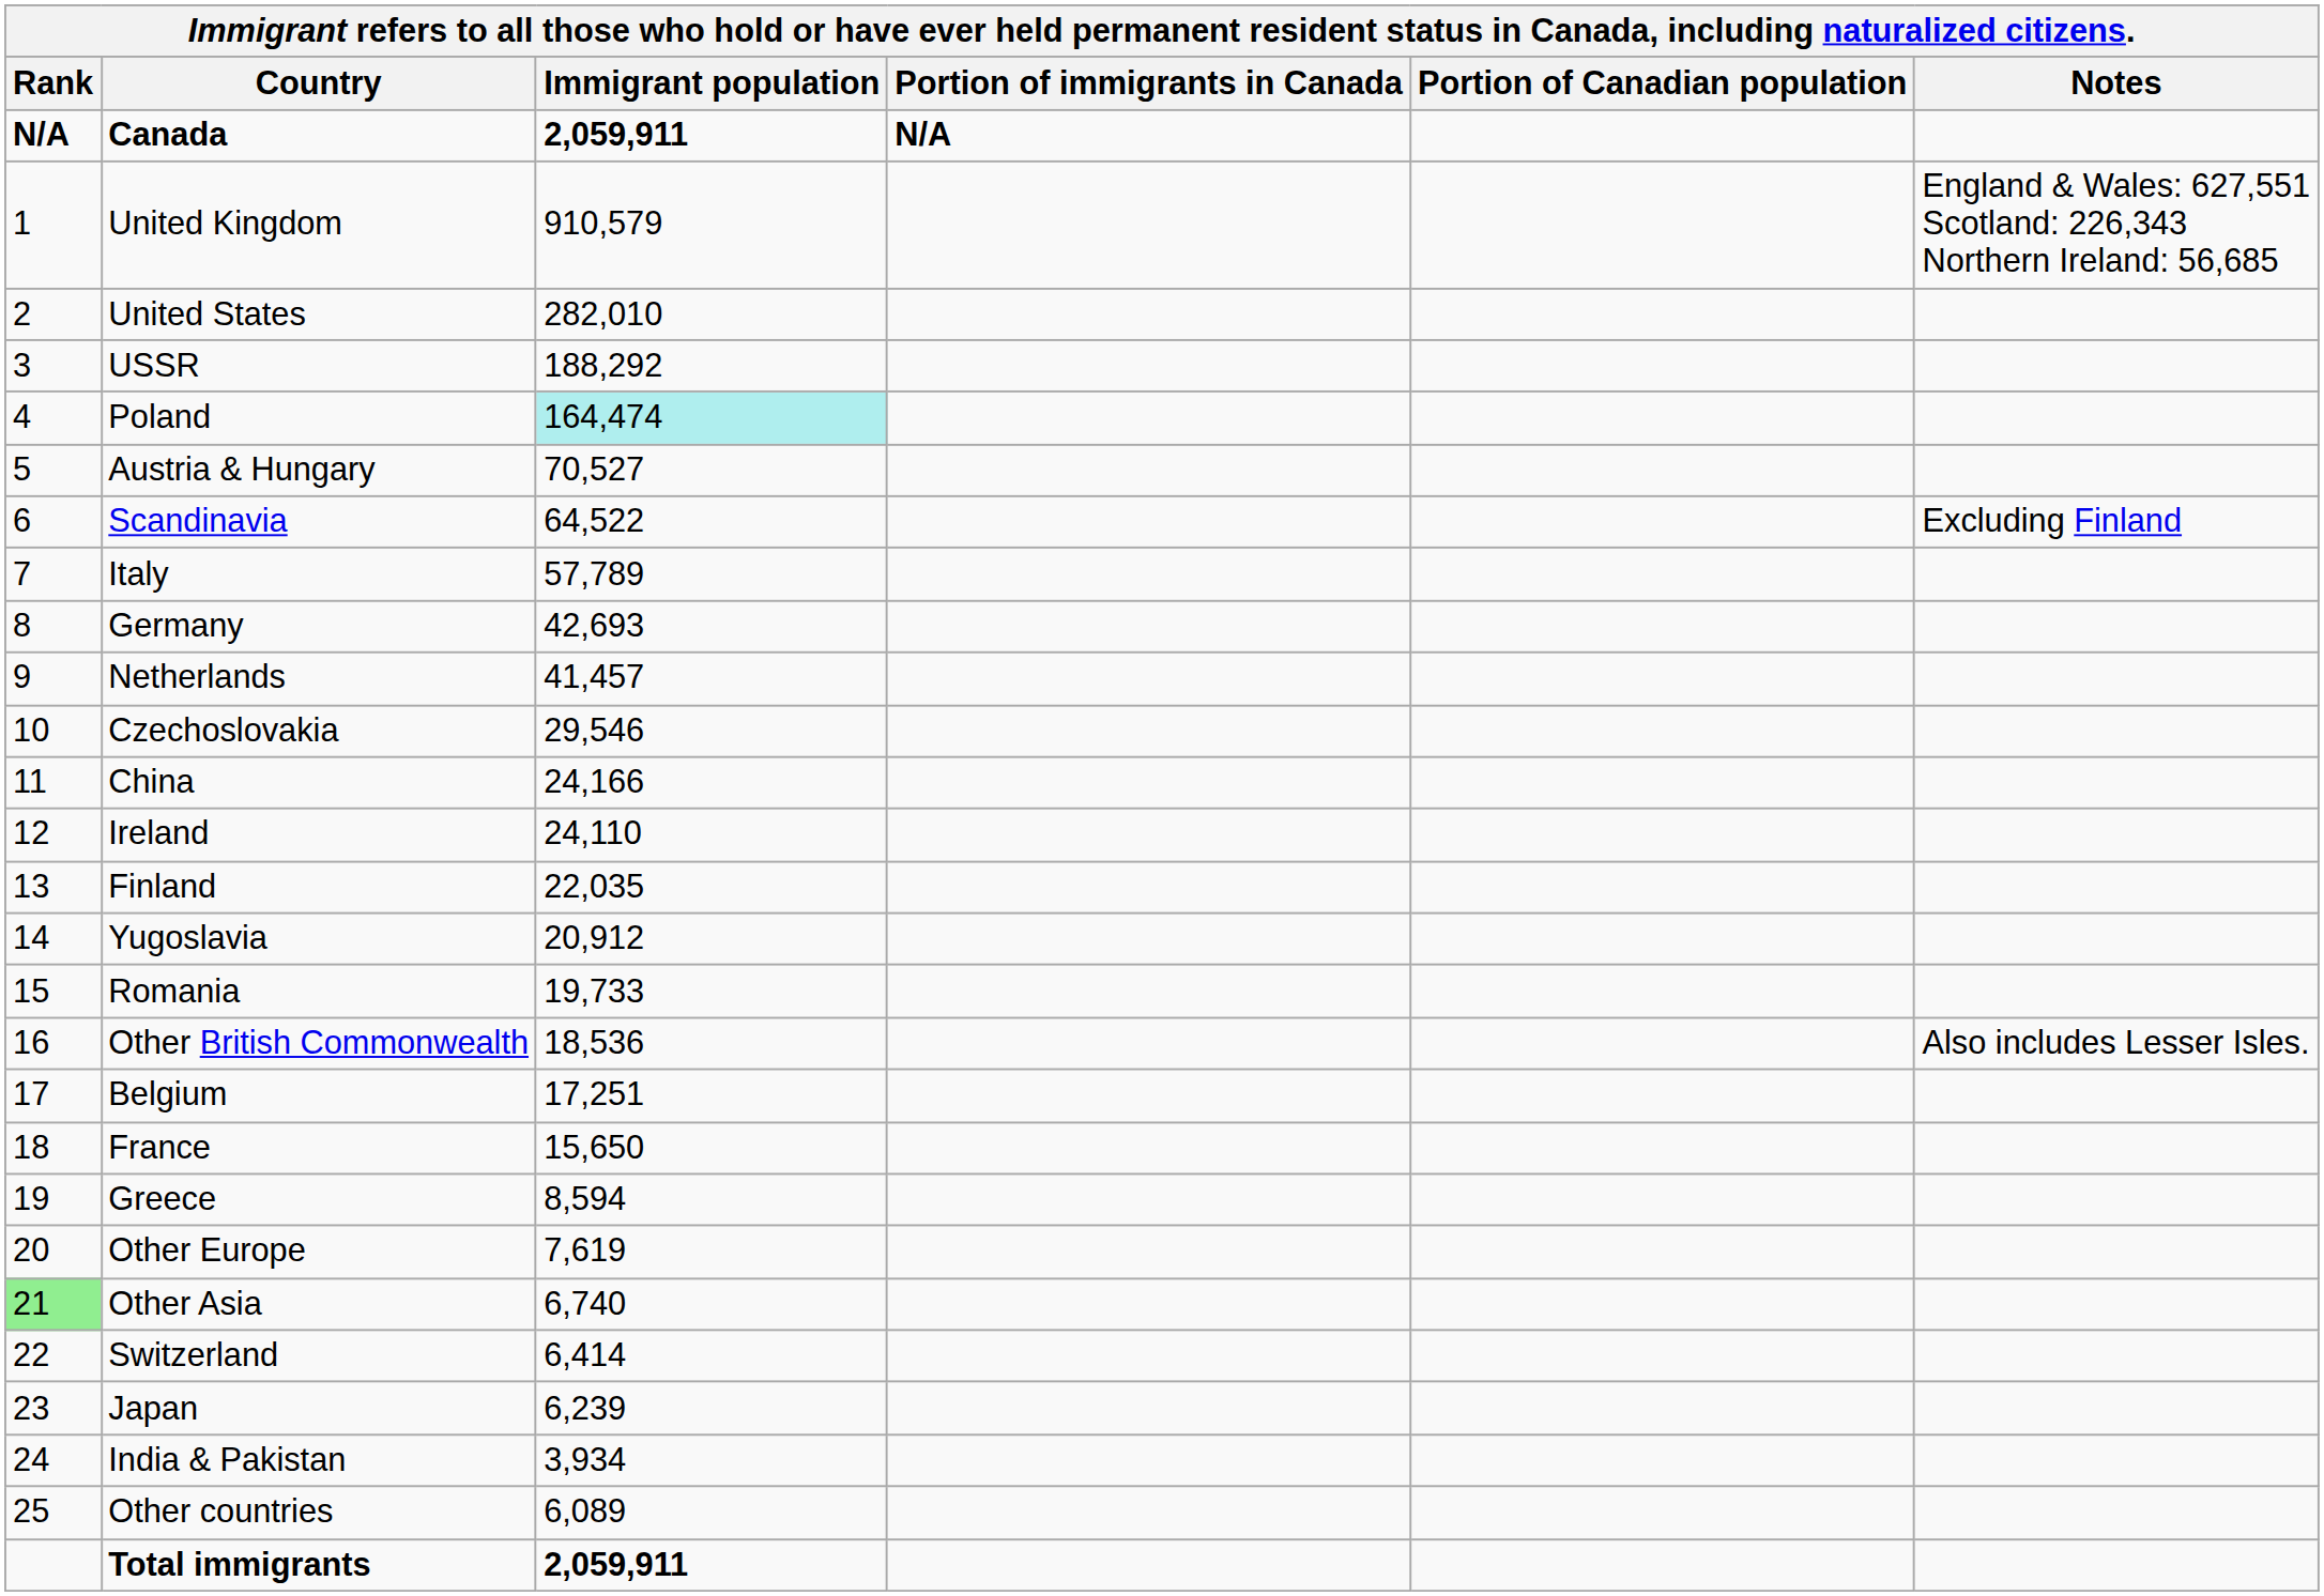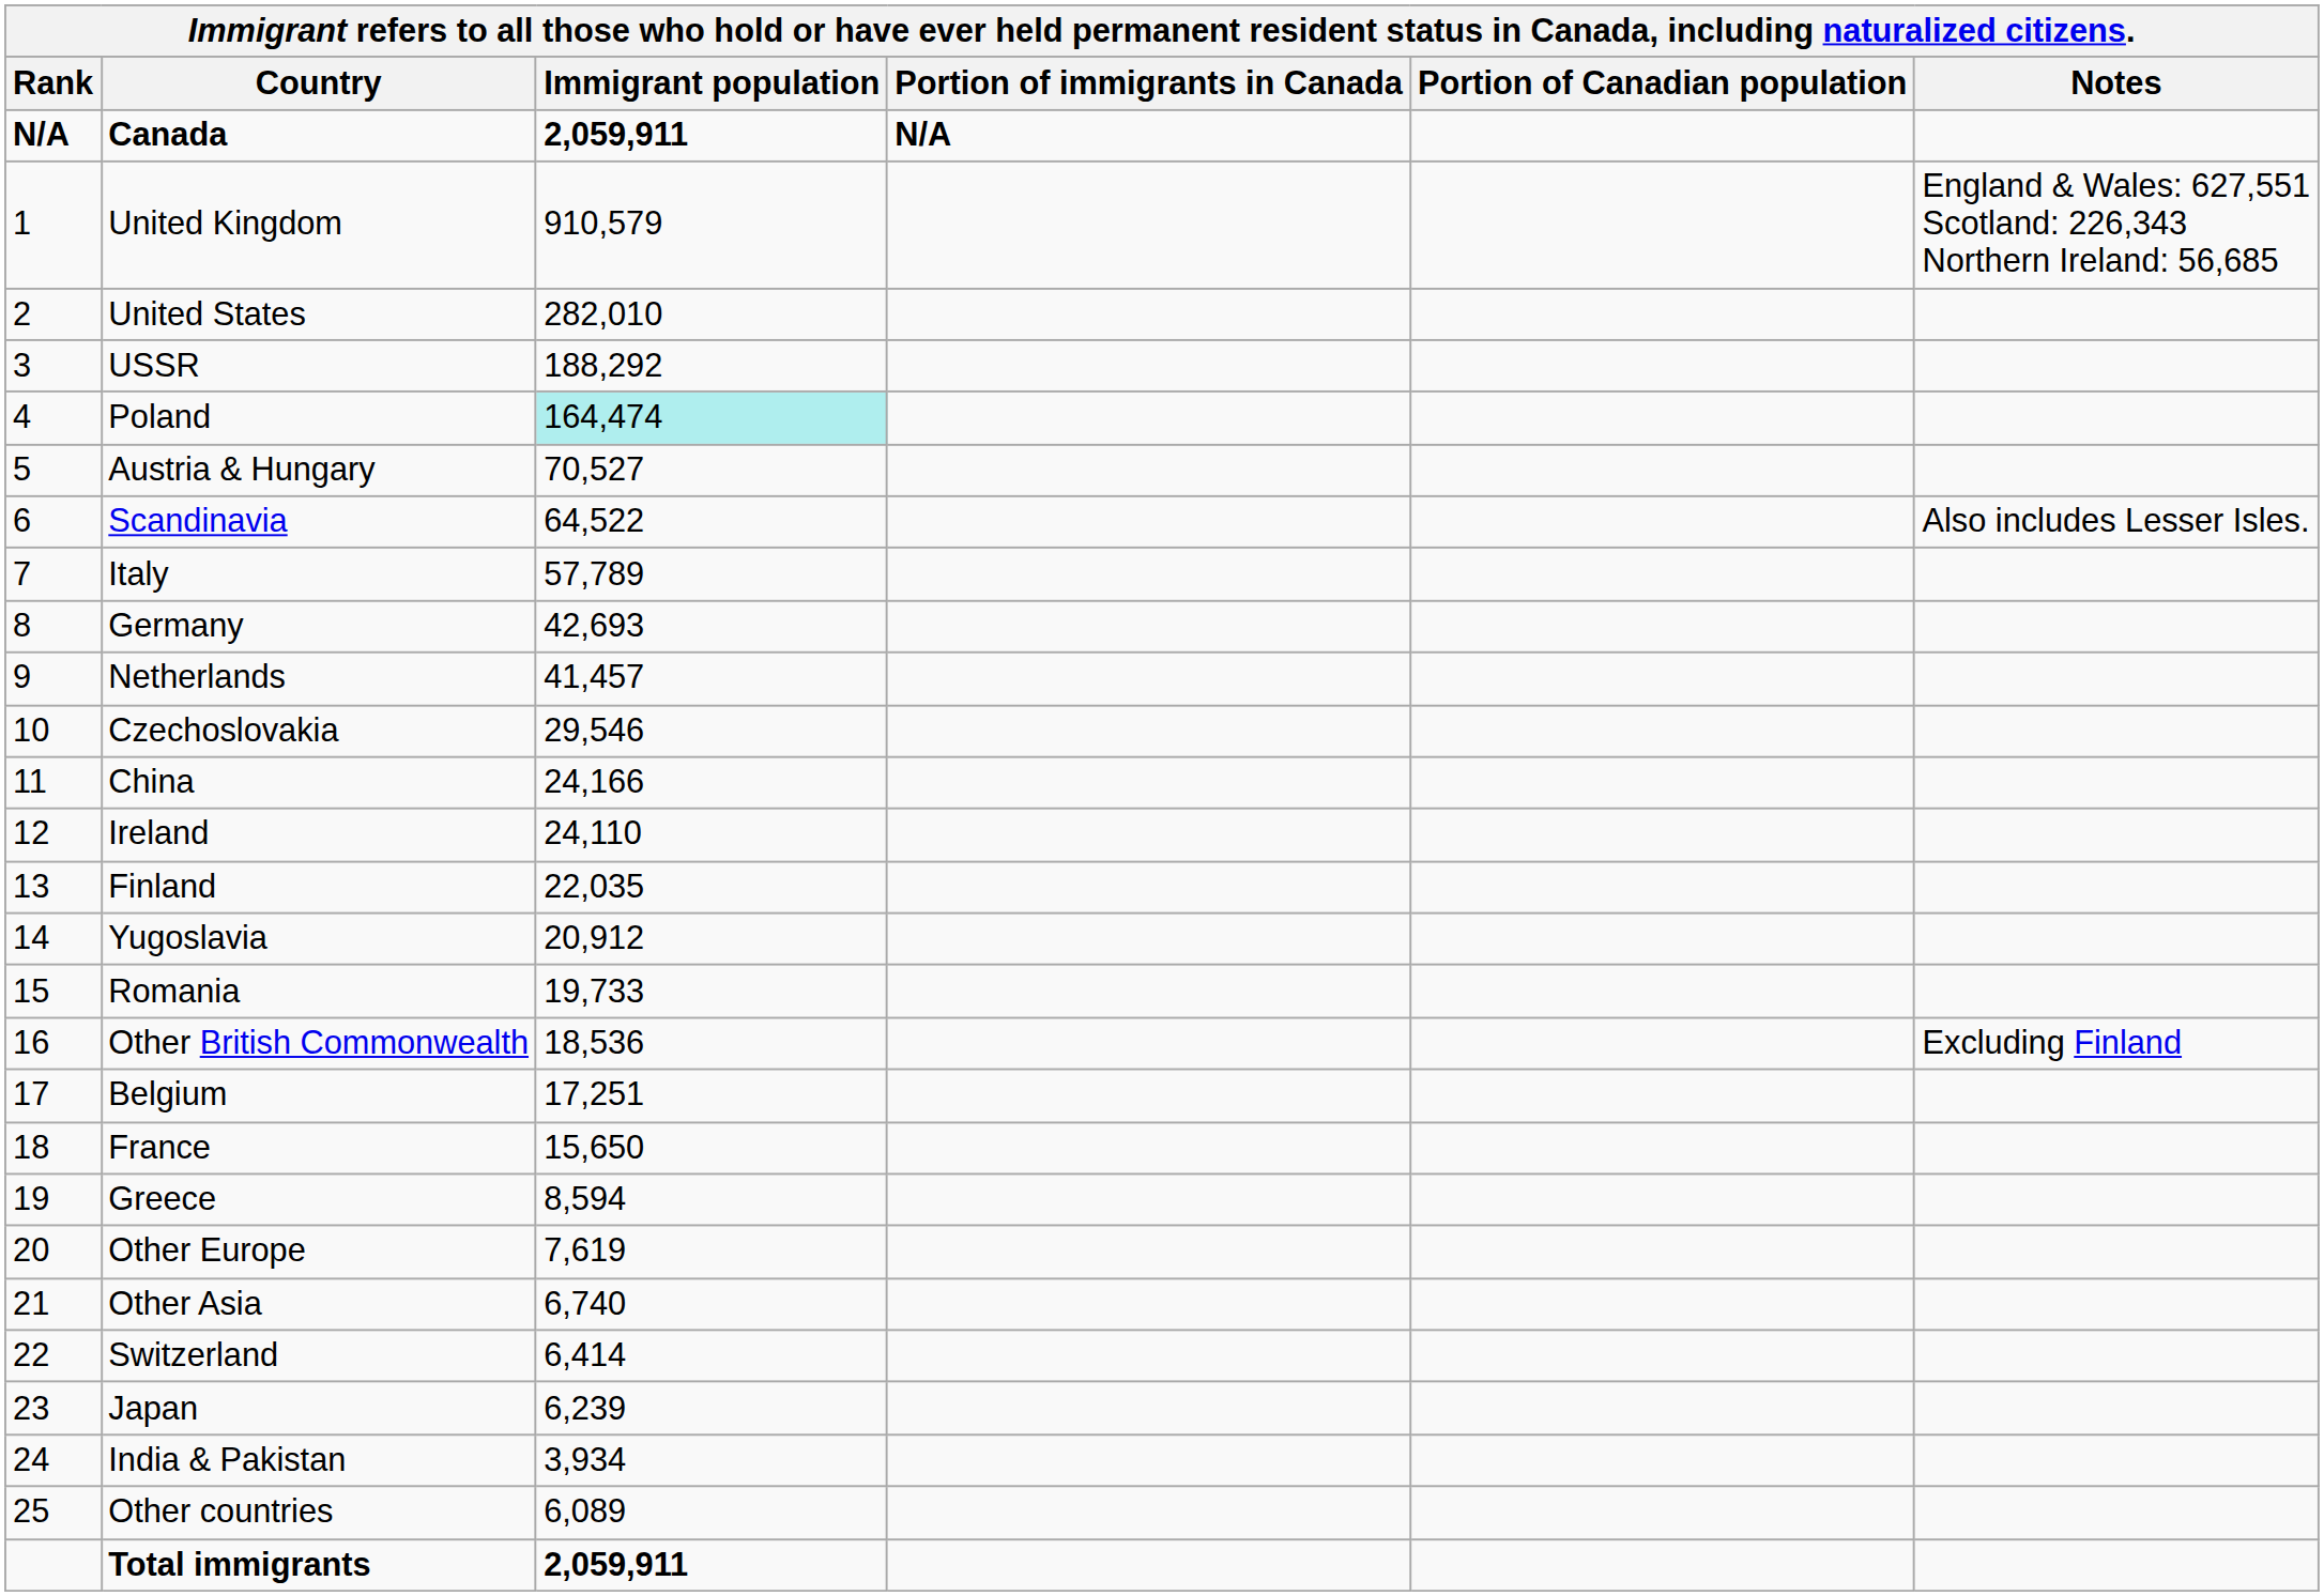 <table class="wikitable sortable">
 <tr>
 <th colspan="6"><em>Immigrant</em> refers to all those who hold or have ever held permanent resident status in Canada, including <a href='#'>naturalized citizens</a>.</th>
 </tr>
 <tr>
 <th>Rank</th>
 <th>Country</th>
 <th>Immigrant population</th>
 <th>Portion of immigrants in Canada</th>
 <th>Portion of Canadian population</th>
 <th>Notes</th>
 </tr>
 <tr>
 <td><strong>N/A</strong></td>
 <td><strong>Canada</strong></td>
 <td><strong>2,059,911</strong></td>
 <td><strong>N/A</strong></td>
 <td><strong></strong></td>
 <td></td>
 </tr>
 <tr>
 <td>1</td>
 <td>United Kingdom</td>
 <td>910,579</td>
 <td></td>
 <td></td>
 <td>England & Wales: 627,551<br>Scotland: 226,343<br>Northern Ireland: 56,685</td>
 </tr>
 <tr>
 <td>2</td>
 <td>United States</td>
 <td>282,010</td>
 <td></td>
 <td></td>
 <td></td>
 </tr>
 <tr>
 <td>3</td>
 <td>USSR</td>
 <td>188,292</td>
 <td></td>
 <td></td>
 <td></td>
 </tr>
 <tr>
 <td>4</td>
 <td>Poland</td>
 <td style="background: paleturquoise;">164,474</td>
 <td></td>
 <td></td>
 <td></td>
 </tr>
 <tr>
 <td>5</td>
 <td>Austria & Hungary</td>
 <td>70,527</td>
 <td></td>
 <td></td>
 <td></td>
 </tr>
 <tr>
 <td>6</td>
 <td><a href='#'>Scandinavia</a></td>
 <td>64,522</td>
 <td></td>
 <td></td>
-<td>Excluding <a href='#'>Finland</a></td>
+<td>Also includes Lesser Isles.</td>
 </tr>
 <tr>
 <td>7</td>
 <td>Italy</td>
 <td>57,789</td>
 <td></td>
 <td></td>
 <td></td>
 </tr>
 <tr>
 <td>8</td>
 <td>Germany</td>
 <td>42,693</td>
 <td></td>
 <td></td>
 <td></td>
 </tr>
 <tr>
 <td>9</td>
 <td>Netherlands</td>
 <td>41,457</td>
 <td></td>
 <td></td>
 <td></td>
 </tr>
 <tr>
 <td>10</td>
 <td>Czechoslovakia</td>
 <td>29,546</td>
 <td></td>
 <td></td>
 <td></td>
 </tr>
 <tr>
 <td>11</td>
 <td>China</td>
 <td>24,166</td>
 <td></td>
 <td></td>
 <td></td>
 </tr>
 <tr>
 <td>12</td>
 <td>Ireland</td>
 <td>24,110</td>
 <td></td>
 <td></td>
 <td></td>
 </tr>
 <tr>
 <td>13</td>
 <td>Finland</td>
 <td>22,035</td>
 <td></td>
 <td></td>
 <td></td>
 </tr>
 <tr>
 <td>14</td>
 <td>Yugoslavia</td>
 <td>20,912</td>
 <td></td>
 <td></td>
 <td></td>
 </tr>
 <tr>
 <td>15</td>
 <td>Romania</td>
 <td>19,733</td>
 <td></td>
 <td></td>
 <td></td>
 </tr>
 <tr>
 <td>16</td>
 <td>Other <a href='#'>British Commonwealth</a></td>
 <td>18,536</td>
 <td></td>
 <td></td>
-<td>Also includes Lesser Isles.</td>
+<td>Excluding <a href='#'>Finland</a></td>
 </tr>
 <tr>
 <td>17</td>
 <td>Belgium</td>
 <td>17,251</td>
 <td></td>
 <td></td>
 <td></td>
 </tr>
 <tr>
 <td>18</td>
 <td>France</td>
 <td>15,650</td>
 <td></td>
 <td></td>
 <td></td>
 </tr>
 <tr>
 <td>19</td>
 <td>Greece</td>
 <td>8,594</td>
 <td></td>
 <td></td>
 <td></td>
 </tr>
 <tr>
 <td>20</td>
 <td>Other Europe</td>
 <td>7,619</td>
 <td></td>
 <td></td>
 <td></td>
 </tr>
 <tr>
-<td style="background: lightgreen;">21</td>
+<td>21</td>
 <td>Other Asia</td>
 <td>6,740</td>
 <td></td>
 <td></td>
 <td></td>
 </tr>
 <tr>
 <td>22</td>
 <td>Switzerland</td>
 <td>6,414</td>
 <td></td>
 <td></td>
 <td></td>
 </tr>
 <tr>
 <td>23</td>
 <td>Japan</td>
 <td>6,239</td>
 <td></td>
 <td></td>
 <td></td>
 </tr>
 <tr>
 <td>24</td>
 <td>India & Pakistan</td>
 <td>3,934</td>
 <td></td>
 <td></td>
 <td></td>
 </tr>
 <tr>
 <td>25</td>
 <td>Other countries</td>
 <td>6,089</td>
 <td></td>
 <td></td>
 <td></td>
 </tr>
 <tr>
 <td></td>
 <td><strong>Total immigrants</strong></td>
 <td><strong>2,059,911</strong></td>
 <td><strong></strong></td>
 <td><strong></strong></td>
 </tr>
 </table>
